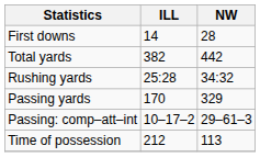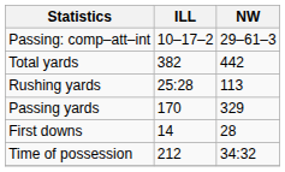 <table class="wikitable" style="float: left;">
 <tr>
 <th>Statistics</th>
 <th>ILL</th>
 <th>NW</th>
 </tr>
 <tr>
-<td>First downs</td>
-<td>14</td>
-<td>28</td>
+<td>Passing: comp–att–int</td>
+<td>10–17–2</td>
+<td>29–61–3</td>
 </tr>
 <tr>
 <td>Total yards</td>
 <td>382</td>
 <td>442</td>
 </tr>
 <tr>
 <td>Rushing yards</td>
 <td>25:28</td>
-<td>34:32</td>
+<td>113</td>
 </tr>
 <tr>
 <td>Passing yards</td>
 <td>170</td>
 <td>329</td>
 </tr>
 <tr>
-<td>Passing: comp–att–int</td>
-<td>10–17–2</td>
-<td>29–61–3</td>
+<td>First downs</td>
+<td>14</td>
+<td>28</td>
 </tr>
 <tr>
 <td>Time of possession</td>
 <td>212</td>
-<td>113</td>
+<td>34:32</td>
 </tr>
 <tr>
 </tr>
 </table>
